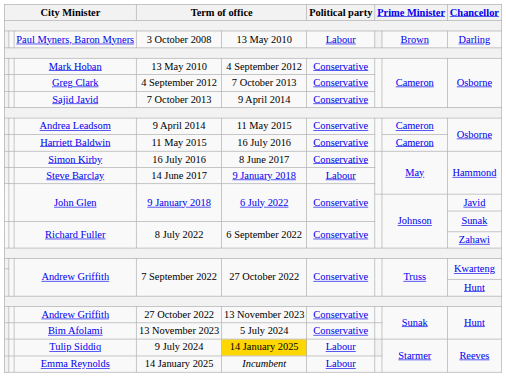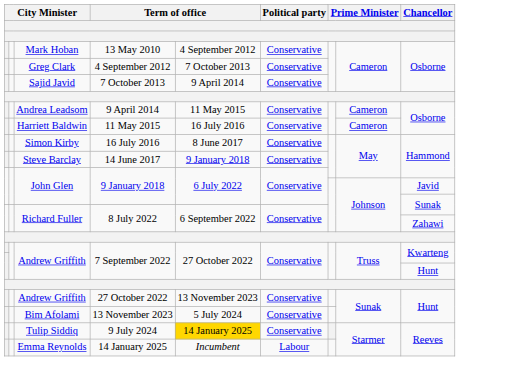 <table class="wikitable" style="text-align:center">
 <tr>
 <th colspan=3>City Minister</th>
 <th colspan=2>Term of office</th>
 <th>Political party</th>
 <th colspan=2><a href='#'>Prime Minister</a></th>
 <th><a href='#'>Chancellor</a></th>
 </tr>
 <tr style="height:1em">
 <th colspan=9></th>
-</tr>
-<tr style="height:1em">
-<th style="background-color:"></th>
-<td></td>
-<td><a href='#'>Paul Myners, Baron Myners</a></td>
-<td>3 October 2008</td>
-<td>13 May 2010</td>
-<td><a href='#'>Labour</a></td>
-<th style="background-color:"></th>
-<td><a href='#'>Brown</a></td>
-<td><a href='#'>Darling</a></td>
 </tr>
 <tr style="height:1em">
 <th colspan=9></th>
 </tr>
 <tr style="height:1em">
 <th style="background-color:"></th>
 <td></td>
 <td><a href='#'>Mark Hoban</a></td>
 <td>13 May 2010</td>
 <td>4 September 2012</td>
 <td><a href='#'>Conservative</a></td>
 <td rowspan=3 style="background-color:"></td>
 <td rowspan=3><a href='#'>Cameron</a><br></td>
 <td rowspan=3><a href='#'>Osborne</a></td>
 </tr>
 <tr style="height:1em">
 <th style="background-color:"></th>
 <td></td>
 <td><a href='#'>Greg Clark</a></td>
 <td>4 September 2012</td>
 <td>7 October 2013</td>
 <td><a href='#'>Conservative</a></td>
 </tr>
 <tr style="height:1em">
 <th style="background-color:"></th>
 <td></td>
 <td><a href='#'>Sajid Javid</a></td>
 <td>7 October 2013</td>
 <td>9 April 2014</td>
 <td><a href='#'>Conservative</a></td>
 </tr>
 <tr style="height:1em">
 <th colspan=9></th>
 </tr>
 <tr style="height:1em">
 <th style="background-color:"></th>
 <td></td>
 <td><a href='#'>Andrea Leadsom</a></td>
 <td>9 April 2014</td>
 <td>11 May 2015</td>
 <td><a href='#'>Conservative</a></td>
 <td rowspan=2 style="background-color:"></td>
 <td><a href='#'>Cameron</a><br></td>
 <td rowspan=2><a href='#'>Osborne</a></td>
 </tr>
 <tr style="height:1em">
 <th style="background-color:"></th>
 <td></td>
 <td><a href='#'>Harriett Baldwin</a></td>
 <td>11 May 2015</td>
 <td>16 July 2016</td>
 <td><a href='#'>Conservative</a></td>
 <td><a href='#'>Cameron</a><br></td>
 </tr>
 <tr style="height:1em">
 <th style="background-color:"></th>
 <td></td>
 <td><a href='#'>Simon Kirby</a></td>
 <td>16 July 2016</td>
 <td>8 June 2017</td>
 <td><a href='#'>Conservative</a></td>
 <td rowspan=3 style="background-color:"></td>
 <td rowspan=3><a href='#'>May</a></td>
 <td rowspan=3><a href='#'>Hammond</a></td>
 </tr>
 <tr style="height:1em">
 <th style="background-color:"></th>
 <td></td>
 <td><a href='#'>Steve Barclay</a></td>
 <td>14 June 2017</td>
 <td><a href='#'>9 January 2018</a></td>
-<td><a href='#'>Labour</a></td>
+<td><a href='#'>Conservative</a></td>
 </tr>
 <tr style="height:1em">
 <td rowspan=3 style="background-color:"></td>
 <td rowspan=3></td>
 <td rowspan=3><a href='#'>John Glen</a></td>
 <td rowspan=3><a href='#'>9 January 2018</a></td>
 <td rowspan=3><a href='#'>6 July 2022</a></td>
 <td rowspan=3><a href='#'>Conservative</a></td>
 </tr>
 <tr style="height:1em">
 <td rowspan=4 style="background-color:"></td>
 <td rowspan=4><a href='#'>Johnson</a></td>
 <td><a href='#'>Javid</a></td>
 </tr>
 <tr style="height:1em">
 <td rowspan=2><a href='#'>Sunak</a></td>
 </tr>
 <tr style="height:1em">
 <td rowspan=2 style="background-color:"></td>
 <td rowspan=2></td>
 <td rowspan=2><a href='#'>Richard Fuller</a></td>
 <td rowspan=2>8 July 2022</td>
 <td rowspan=2>6 September 2022</td>
 <td rowspan=2><a href='#'>Conservative</a></td>
 </tr>
 <tr style="height:1em">
 <td><a href='#'>Zahawi</a></td>
 </tr>
 <tr style="height:1em">
 <th colspan=9></th>
 </tr>
 <tr style="height:1em">
 <th style="background-color:"></th>
 <td rowspan=3></td>
 <td rowspan=3><a href='#'>Andrew Griffith</a></td>
 <td rowspan=3>7 September 2022</td>
 <td rowspan=3>27 October 2022</td>
 <td rowspan=3><a href='#'>Conservative</a></td>
 <td rowspan=3 style="background-color:"></td>
 <td rowspan=3><a href='#'>Truss</a></td>
 <td rowspan=2><a href='#'>Kwarteng</a></td>
 </tr>
 <tr style="height:1em">
 <th rowspan=2 style="background-color:"></th>
 </tr>
 <tr style="height:1em">
 <td><a href='#'>Hunt</a></td>
 </tr>
 <tr style="height:1em">
 <th colspan=9></th>
 </tr>
 <tr style="height:1em">
 <th style="background-color:"></th>
 <td></td>
 <td><a href='#'>Andrew Griffith</a></td>
 <td>27 October 2022</td>
 <td>13 November 2023</td>
 <td><a href='#'>Conservative</a></td>
 <td style="background-color:"></td>
 <td rowspan=2><a href='#'>Sunak</a></td>
 <td rowspan=2><a href='#'>Hunt</a></td>
 </tr>
 <tr style="height:1em">
 <th style="background-color:"></th>
 <td></td>
 <td><a href='#'>Bim Afolami</a></td>
 <td>13 November 2023</td>
 <td>5 July 2024</td>
 <td><a href='#'>Conservative</a></td>
 </tr>
 <tr style="height:1em">
 <th style="background-color:"></th>
 <td></td>
 <td><a href='#'>Tulip Siddiq</a></td>
 <td>9 July 2024</td>
 <td style="background: gold;">14 January 2025</td>
-<td><a href='#'>Labour</a></td>
+<td><a href='#'>Conservative</a></td>
 <th style="background-color:"></th>
 <td rowspan=2><a href='#'>Starmer</a></td>
 <td rowspan=2><a href='#'>Reeves</a></td>
 </tr>
 <tr style="height:1em">
 <th style="background-color:"></th>
 <td></td>
 <td><a href='#'>Emma Reynolds</a></td>
 <td>14 January 2025</td>
 <td><em>Incumbent</em></td>
 <td><a href='#'>Labour</a></td>
 </tr>
 </table>
